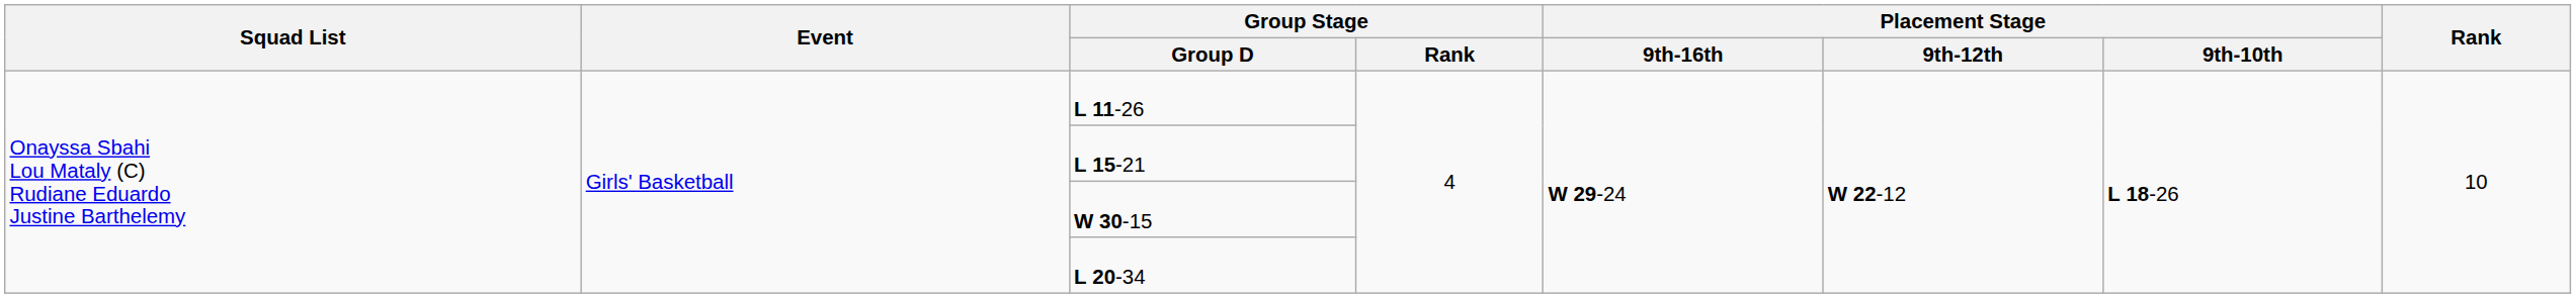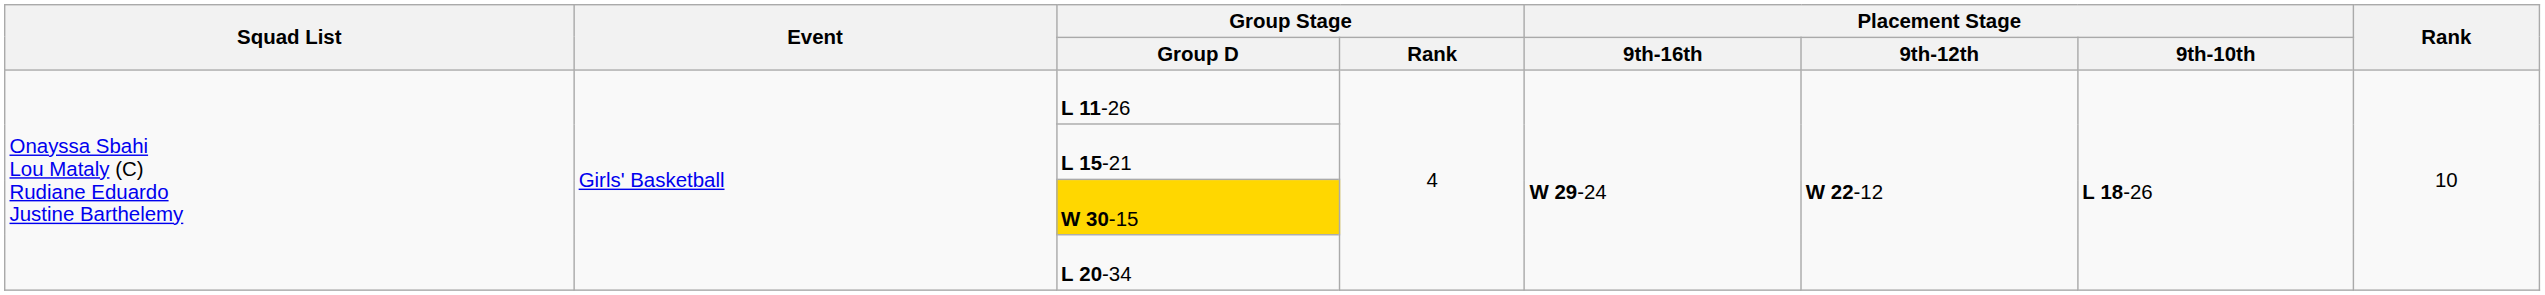 <table class="wikitable" width="90%" style="text-align:left; font-size:90%">
 <tr>
 <th rowspan="2">Squad List</th>
 <th rowspan="2">Event</th>
 <th colspan="2">Group Stage</th>
 <th colspan="3">Placement Stage</th>
 <th rowspan="2">Rank</th>
 </tr>
 <tr>
 <th>Group D</th>
 <th>Rank</th>
 <th>9th-16th</th>
 <th>9th-12th</th>
 <th>9th-10th</th>
 </tr>
 <tr>
 <td rowspan="4"><a href='#'>Onayssa Sbahi</a><br><a href='#'>Lou Mataly</a> (C)<br><a href='#'>Rudiane Eduardo</a><br><a href='#'>Justine Barthelemy</a></td>
 <td rowspan="4"><a href='#'>Girls' Basketball</a></td>
 <td><br> <strong>L</strong> <strong>11</strong>-26</td>
 <td rowspan="4" align=center>4</td>
 <td rowspan="4"> <br> <strong>W</strong> <strong>29</strong>-24</td>
 <td rowspan="4"> <br> <strong>W</strong> <strong>22</strong>-12</td>
 <td rowspan="4"> <br> <strong>L</strong> <strong>18</strong>-26</td>
 <td rowspan="4" align="center">10</td>
 </tr>
 <tr>
 <td><br> <strong>L</strong> <strong>15</strong>-21</td>
 </tr>
 <tr>
-<td><br> <strong>W</strong> <strong>30</strong>-15</td>
+<td style="background: gold;"><br> <strong>W</strong> <strong>30</strong>-15</td>
 </tr>
 <tr>
 <td><br> <strong>L</strong> <strong>20</strong>-34</td>
 </tr>
 </table>
